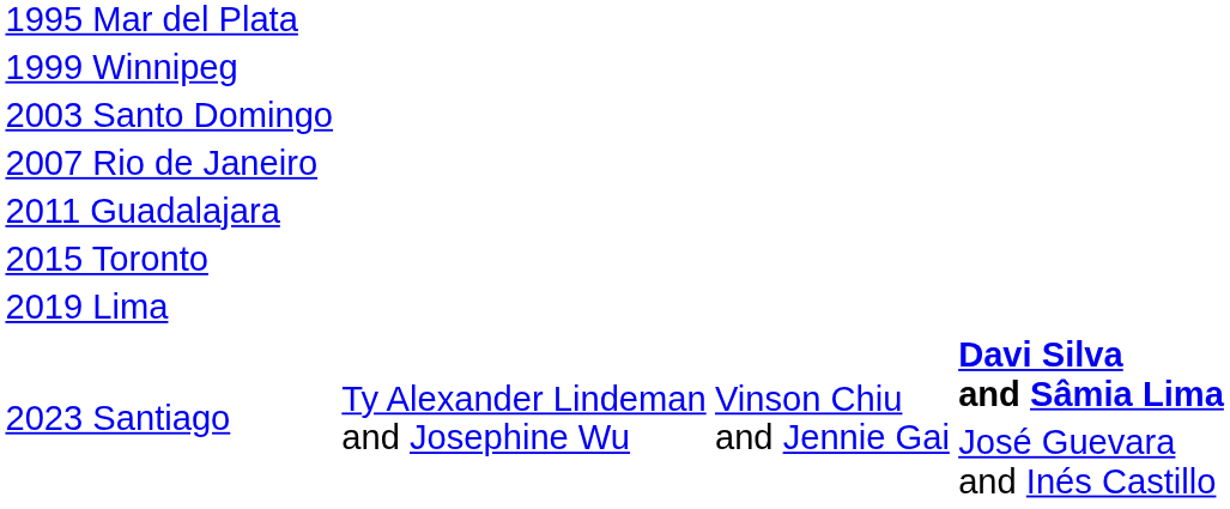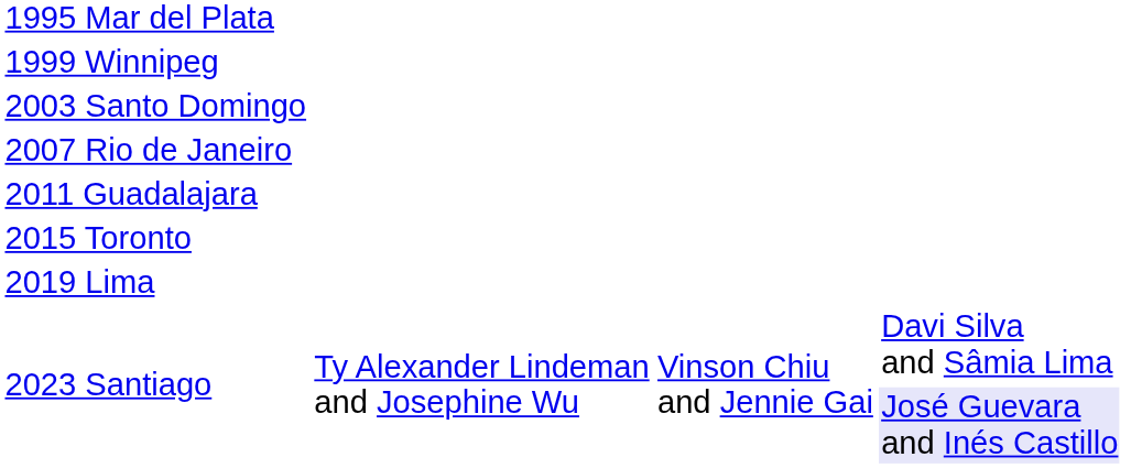 <table>
 <tr>
 <td rowspan=2><a href='#'>1995 Mar del Plata</a><br></td>
 <td rowspan=2></td>
 <td rowspan=2></td>
 <td></td>
 </tr>
 <tr>
 <td></td>
 </tr>
 <tr>
 <td rowspan=2><a href='#'>1999 Winnipeg</a><br></td>
 <td rowspan=2></td>
 <td rowspan=2></td>
 <td></td>
 </tr>
 <tr>
 <td></td>
 </tr>
 <tr>
 <td rowspan=2><a href='#'>2003 Santo Domingo</a><br></td>
 <td rowspan=2></td>
 <td rowspan=2></td>
 <td></td>
 </tr>
 <tr>
 <td></td>
 </tr>
 <tr>
 <td rowspan=2><a href='#'>2007 Rio de Janeiro</a><br></td>
 <td rowspan=2></td>
 <td rowspan=2></td>
 <td></td>
 </tr>
 <tr>
 <td></td>
 </tr>
 <tr>
 <td rowspan=2><a href='#'>2011 Guadalajara</a><br></td>
 <td rowspan=2></td>
 <td rowspan=2></td>
 <td></td>
 </tr>
 <tr>
 <td></td>
 </tr>
 <tr>
 <td rowspan=2><a href='#'>2015 Toronto</a><br></td>
 <td rowspan=2></td>
 <td rowspan=2></td>
 <td></td>
 </tr>
 <tr>
 <td></td>
 </tr>
 <tr>
 <td rowspan=2><a href='#'>2019 Lima</a><br></td>
 <td rowspan=2></td>
 <td rowspan=2></td>
 <td></td>
 </tr>
 <tr>
 <td></td>
 </tr>
 <tr>
 <td rowspan=2><a href='#'>2023 Santiago</a><br></td>
 <td rowspan=2><a href='#'>Ty Alexander Lindeman</a><br>and <a href='#'>Josephine Wu</a><br></td>
 <td rowspan=2><a href='#'>Vinson Chiu</a><br>and <a href='#'>Jennie Gai</a><br></td>
-<td><strong><a href='#'>Davi Silva</a><br>and <a href='#'>Sâmia Lima</a><br></strong></td>
+<td><a href='#'>Davi Silva</a><br>and <a href='#'>Sâmia Lima</a><br></td>
 </tr>
 <tr>
-<td><a href='#'>José Guevara</a><br>and <a href='#'>Inés Castillo</a><br></td>
+<td style="background: lavender;"><a href='#'>José Guevara</a><br>and <a href='#'>Inés Castillo</a><br></td>
 </tr>
 </table>
